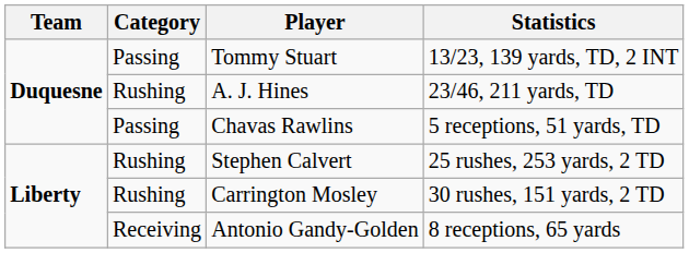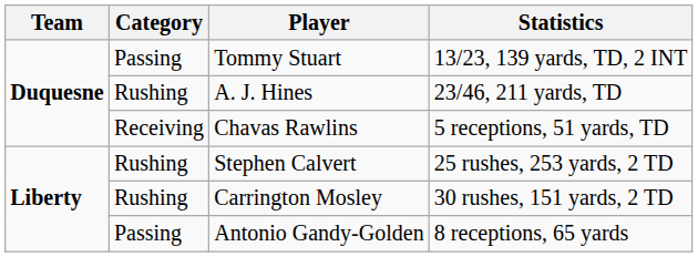 <table class="wikitable" style="float: left;">
 <tr>
 <th>Team</th>
 <th>Category</th>
 <th>Player</th>
 <th>Statistics</th>
 </tr>
 <tr>
 <td rowspan=3><strong>Duquesne</strong></td>
 <td>Passing</td>
 <td>Tommy Stuart</td>
 <td>13/23, 139 yards, TD, 2 INT</td>
 </tr>
 <tr>
 <td>Rushing</td>
 <td>A. J. Hines</td>
 <td>23/46, 211 yards, TD</td>
 </tr>
 <tr>
-<td>Passing</td>
+<td>Receiving</td>
 <td>Chavas Rawlins</td>
 <td>5 receptions, 51 yards, TD</td>
 </tr>
 <tr>
 <td rowspan=3><strong>Liberty</strong></td>
 <td>Rushing</td>
 <td>Stephen Calvert</td>
 <td>25 rushes, 253 yards, 2 TD</td>
 </tr>
 <tr>
 <td>Rushing</td>
 <td>Carrington Mosley</td>
 <td>30 rushes, 151 yards, 2 TD</td>
 </tr>
 <tr>
-<td>Receiving</td>
+<td>Passing</td>
 <td>Antonio Gandy-Golden</td>
 <td>8 receptions, 65 yards</td>
 </tr>
 </table>
